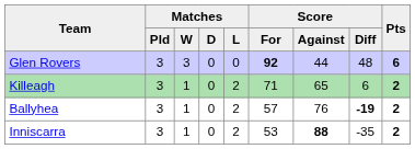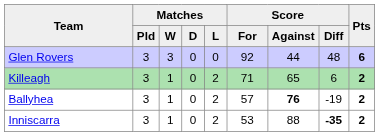 <table style=border-collapse:collapse border=1 cellspacing=0 cellpadding=5>
 <tr align=center bgcolor=#efefef>
 <th rowspan=2 width=165>Team</th>
 <th colspan=4>Matches</th>
 <th colspan=3>Score</th>
 <th rowspan=2width=20>Pts</th>
 </tr>
 <tr align=center bgcolor=#efefef>
 <th width=20>Pld</th>
 <th width=20>W</th>
 <th width=20>D</th>
 <th width=20>L</th>
 <th width=45>For</th>
 <th width=45>Against</th>
 <th width=30>Diff</th>
 </tr>
 <tr align=center style="background:#ccccff;">
 <td style="text-align:left;"><a href='#'>Glen Rovers</a></td>
 <td>3</td>
 <td>3</td>
 <td>0</td>
 <td>0</td>
-<td><strong>92</strong></td>
+<td>92</td>
 <td>44</td>
 <td>48</td>
 <td><strong>6</strong></td>
 </tr>
 <tr align=center style="background:#ACE1AF;">
 <td style="text-align:left;"><a href='#'>Killeagh</a></td>
 <td>3</td>
 <td>1</td>
 <td>0</td>
 <td>2</td>
 <td>71</td>
 <td>65</td>
 <td>6</td>
 <td><strong>2</strong></td>
 </tr>
 <tr align=center>
 <td style="text-align:left;"><a href='#'>Ballyhea</a></td>
 <td>3</td>
 <td>1</td>
 <td>0</td>
 <td>2</td>
 <td>57</td>
-<td>76</td>
-<td><strong>-19</strong></td>
+<td><strong>76</strong></td>
+<td>-19</td>
 <td><strong>2</strong></td>
 </tr>
 <tr align=center>
 <td style="text-align:left;"><a href='#'>Inniscarra</a></td>
 <td>3</td>
 <td>1</td>
 <td>0</td>
 <td>2</td>
 <td>53</td>
-<td><strong>88</strong></td>
-<td>-35</td>
+<td>88</td>
+<td><strong>-35</strong></td>
 <td><strong>2</strong></td>
 </tr>
 </table>
